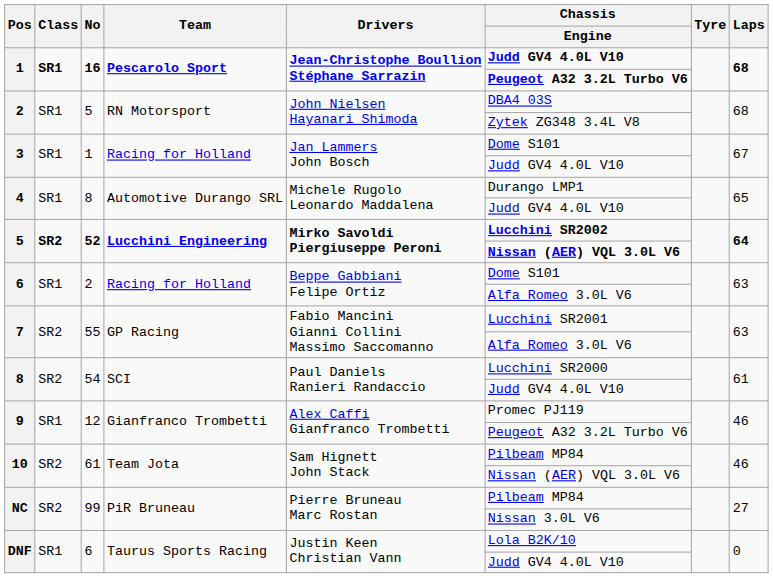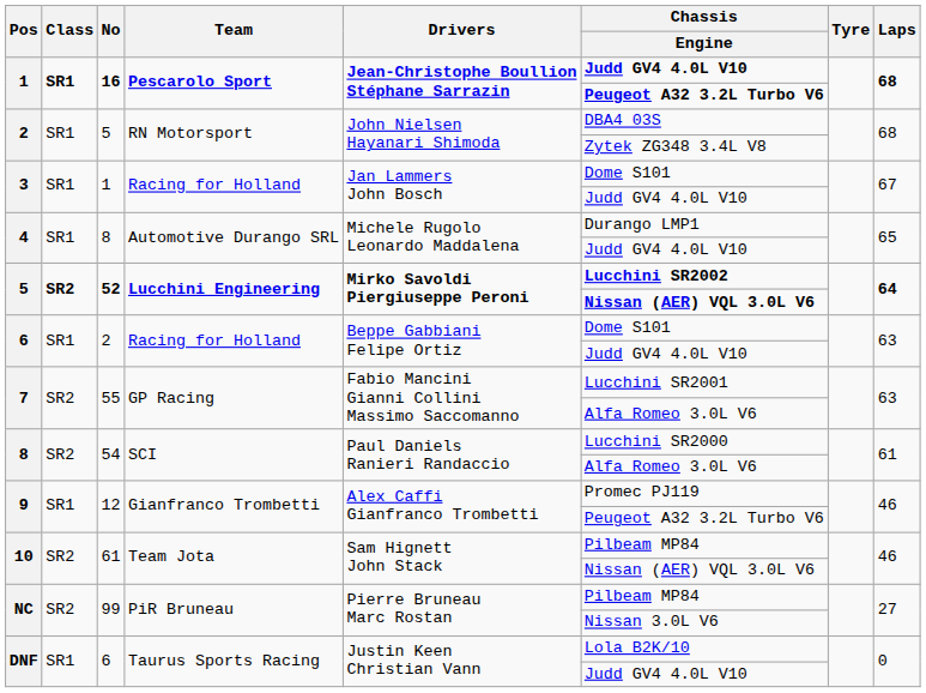 <table class="wikitable" style="font-size: 95%;">
 <tr>
 <th rowspan=2>Pos</th>
 <th rowspan=2>Class</th>
 <th rowspan=2>No</th>
 <th rowspan=2>Team</th>
 <th rowspan=2>Drivers</th>
 <th>Chassis</th>
 <th rowspan=2>Tyre</th>
 <th rowspan=2>Laps</th>
 </tr>
 <tr>
 <th>Engine</th>
 </tr>
 <tr style="font-weight:bold">
 <th rowspan=2>1</th>
 <td rowspan=2>SR1</td>
 <td rowspan=2>16</td>
 <td rowspan=2> <a href='#'>Pescarolo Sport</a></td>
 <td rowspan=2> <a href='#'>Jean-Christophe Boullion</a><br> <a href='#'>Stéphane Sarrazin</a></td>
 <td><a href='#'>Judd</a> GV4 4.0L V10</td>
 <td rowspan=2></td>
 <td rowspan=2>68</td>
 </tr>
 <tr style="font-weight:bold">
 <td><a href='#'>Peugeot</a> A32 3.2L Turbo V6</td>
 </tr>
 <tr>
 <th rowspan=2>2</th>
 <td rowspan=2>SR1</td>
 <td rowspan=2>5</td>
 <td rowspan=2> RN Motorsport</td>
 <td rowspan=2> <a href='#'>John Nielsen</a><br> <a href='#'>Hayanari Shimoda</a></td>
 <td><a href='#'>DBA4 03S</a></td>
 <td rowspan=2></td>
 <td rowspan=2>68</td>
 </tr>
 <tr>
 <td><a href='#'>Zytek</a> ZG348 3.4L V8</td>
 </tr>
 <tr>
 <th rowspan=2>3</th>
 <td rowspan=2>SR1</td>
 <td rowspan=2>1</td>
 <td rowspan=2> <a href='#'>Racing for Holland</a></td>
 <td rowspan=2> <a href='#'>Jan Lammers</a><br> John Bosch</td>
 <td><a href='#'>Dome</a> S101</td>
 <td rowspan=2></td>
 <td rowspan=2>67</td>
 </tr>
 <tr>
 <td><a href='#'>Judd</a> GV4 4.0L V10</td>
 </tr>
 <tr>
 <th rowspan=2>4</th>
 <td rowspan=2>SR1</td>
 <td rowspan=2>8</td>
 <td rowspan=2> Automotive Durango SRL</td>
 <td rowspan=2> Michele Rugolo<br> Leonardo Maddalena</td>
 <td>Durango LMP1</td>
 <td rowspan=2></td>
 <td rowspan=2>65</td>
 </tr>
 <tr>
 <td><a href='#'>Judd</a> GV4 4.0L V10</td>
 </tr>
 <tr style="font-weight:bold">
 <th rowspan=2>5</th>
 <td rowspan=2>SR2</td>
 <td rowspan=2>52</td>
 <td rowspan=2> <a href='#'>Lucchini Engineering</a></td>
 <td rowspan=2> Mirko Savoldi<br> Piergiuseppe Peroni</td>
 <td><a href='#'>Lucchini</a> SR2002</td>
 <td rowspan=2></td>
 <td rowspan=2>64</td>
 </tr>
 <tr style="font-weight:bold">
 <td><a href='#'>Nissan</a> (<a href='#'>AER</a>) VQL 3.0L V6</td>
 </tr>
 <tr>
 <th rowspan=2>6</th>
 <td rowspan=2>SR1</td>
 <td rowspan=2>2</td>
 <td rowspan=2> <a href='#'>Racing for Holland</a></td>
 <td rowspan=2> <a href='#'>Beppe Gabbiani</a><br> Felipe Ortiz</td>
 <td><a href='#'>Dome</a> S101</td>
 <td rowspan=2></td>
 <td rowspan=2>63</td>
 </tr>
 <tr>
-<td><a href='#'>Alfa Romeo</a> 3.0L V6</td>
+<td><a href='#'>Judd</a> GV4 4.0L V10</td>
 </tr>
 <tr>
 <th rowspan=2>7</th>
 <td rowspan=2>SR2</td>
 <td rowspan=2>55</td>
 <td rowspan=2> GP Racing</td>
 <td rowspan=2> Fabio Mancini<br> Gianni Collini<br> Massimo Saccomanno</td>
 <td><a href='#'>Lucchini</a> SR2001</td>
 <td rowspan=2></td>
 <td rowspan=2>63</td>
 </tr>
 <tr>
 <td><a href='#'>Alfa Romeo</a> 3.0L V6</td>
 </tr>
 <tr>
 <th rowspan=2>8</th>
 <td rowspan=2>SR2</td>
 <td rowspan=2>54</td>
 <td rowspan=2> SCI</td>
 <td rowspan=2> Paul Daniels<br> Ranieri Randaccio</td>
 <td><a href='#'>Lucchini</a> SR2000</td>
 <td rowspan=2></td>
 <td rowspan=2>61</td>
 </tr>
 <tr>
-<td><a href='#'>Judd</a> GV4 4.0L V10</td>
+<td><a href='#'>Alfa Romeo</a> 3.0L V6</td>
 </tr>
 <tr>
 <th rowspan=2>9</th>
 <td rowspan=2>SR1</td>
 <td rowspan=2>12</td>
 <td rowspan=2> Gianfranco Trombetti</td>
 <td rowspan=2> <a href='#'>Alex Caffi</a><br> Gianfranco Trombetti</td>
 <td>Promec PJ119</td>
 <td rowspan=2></td>
 <td rowspan=2>46</td>
 </tr>
 <tr>
 <td><a href='#'>Peugeot</a> A32 3.2L Turbo V6</td>
 </tr>
 <tr>
 <th rowspan=2>10</th>
 <td rowspan=2>SR2</td>
 <td rowspan=2>61</td>
 <td rowspan=2> Team Jota</td>
 <td rowspan=2> Sam Hignett<br> John Stack</td>
 <td><a href='#'>Pilbeam</a> MP84</td>
 <td rowspan=2></td>
 <td rowspan=2>46</td>
 </tr>
 <tr>
 <td><a href='#'>Nissan</a> (<a href='#'>AER</a>) VQL 3.0L V6</td>
 </tr>
 <tr>
 <th rowspan=2>NC</th>
 <td rowspan=2>SR2</td>
 <td rowspan=2>99</td>
 <td rowspan=2> PiR Bruneau</td>
 <td rowspan=2> Pierre Bruneau<br> Marc Rostan</td>
 <td><a href='#'>Pilbeam</a> MP84</td>
 <td rowspan=2></td>
 <td rowspan=2>27</td>
 </tr>
 <tr>
 <td><a href='#'>Nissan</a> 3.0L V6</td>
 </tr>
 <tr>
 <th rowspan=2>DNF</th>
 <td rowspan=2>SR1</td>
 <td rowspan=2>6</td>
 <td rowspan=2> Taurus Sports Racing</td>
 <td rowspan=2> Justin Keen<br> Christian Vann</td>
 <td><a href='#'>Lola B2K/10</a></td>
 <td rowspan=2></td>
 <td rowspan=2>0</td>
 </tr>
 <tr>
 <td><a href='#'>Judd</a> GV4 4.0L V10</td>
 </tr>
 </table>
